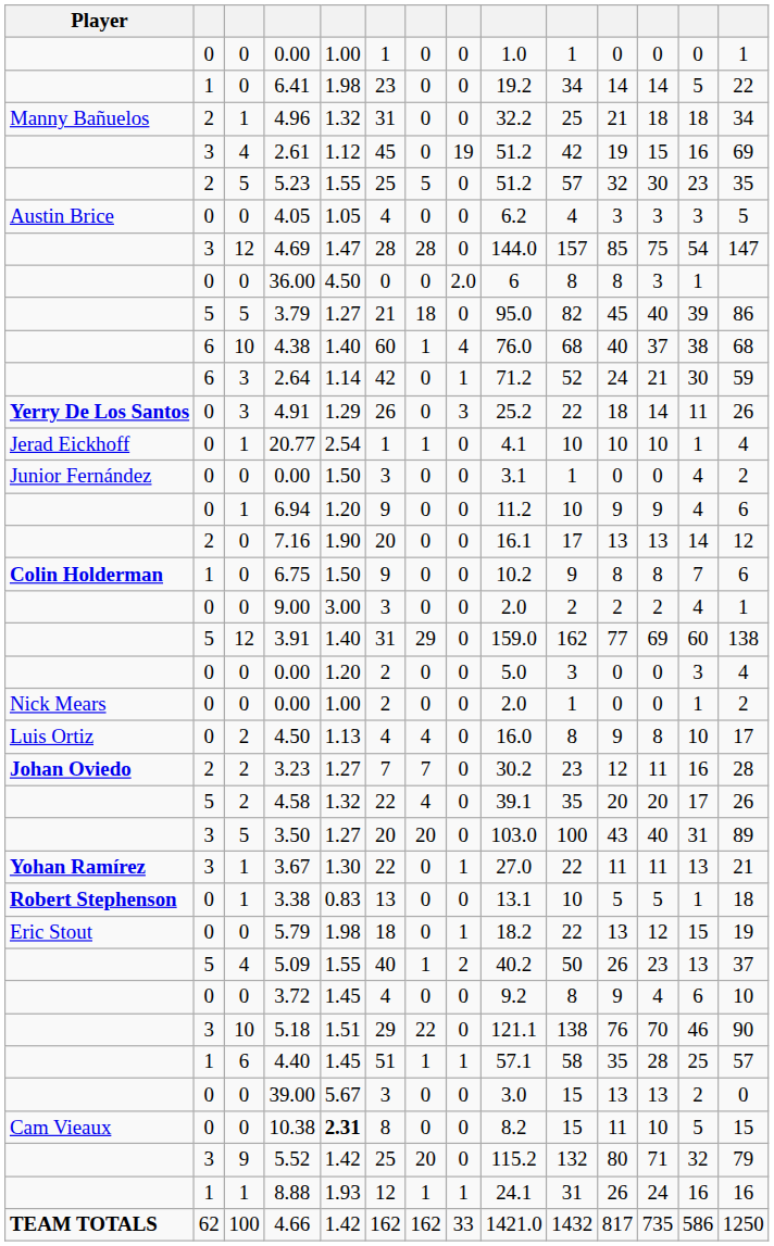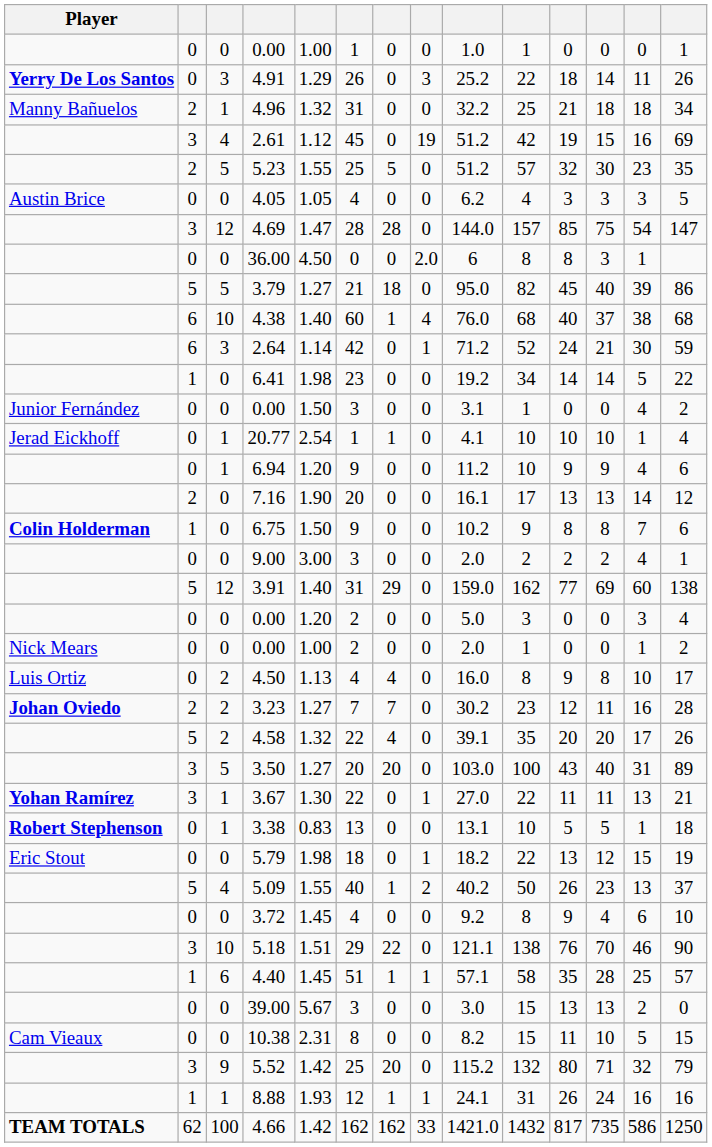 <table class="wikitable sortable" style="text-align:center;">
 <tr>
 <th>Player</th>
 <th></th>
 <th></th>
 <th></th>
 <th></th>
 <th></th>
 <th></th>
 <th></th>
 <th></th>
 <th></th>
 <th></th>
 <th></th>
 <th></th>
 <th></th>
 </tr>
 <tr>
 <td align=left></td>
 <td>0</td>
 <td>0</td>
 <td>0.00</td>
 <td>1.00</td>
 <td>1</td>
 <td>0</td>
 <td>0</td>
 <td>1.0</td>
 <td>1</td>
 <td>0</td>
 <td>0</td>
 <td>0</td>
 <td>1</td>
 </tr>
 <tr>
-<td align=left><strong></strong></td>
-<td>1</td>
+<td align=left><strong><a href='#'>Yerry De Los Santos</a></strong></td>
 <td>0</td>
-<td>6.41</td>
-<td>1.98</td>
-<td>23</td>
+<td>3</td>
+<td>4.91</td>
+<td>1.29</td>
+<td>26</td>
 <td>0</td>
-<td>0</td>
-<td>19.2</td>
-<td>34</td>
+<td>3</td>
+<td>25.2</td>
+<td>22</td>
+<td>18</td>
 <td>14</td>
-<td>14</td>
-<td>5</td>
-<td>22</td>
+<td>11</td>
+<td>26</td>
 </tr>
 <tr>
 <td align=left><a href='#'>Manny Bañuelos</a></td>
 <td>2</td>
 <td>1</td>
 <td>4.96</td>
 <td>1.32</td>
 <td>31</td>
 <td>0</td>
 <td>0</td>
 <td>32.2</td>
 <td>25</td>
 <td>21</td>
 <td>18</td>
 <td>18</td>
 <td>34</td>
 </tr>
 <tr>
 <td align=left><strong></strong></td>
 <td>3</td>
 <td>4</td>
 <td>2.61</td>
 <td>1.12</td>
 <td>45</td>
 <td>0</td>
 <td>19</td>
 <td>51.2</td>
 <td>42</td>
 <td>19</td>
 <td>15</td>
 <td>16</td>
 <td>69</td>
 </tr>
 <tr>
 <td align=left><strong></strong></td>
 <td>2</td>
 <td>5</td>
 <td>5.23</td>
 <td>1.55</td>
 <td>25</td>
 <td>5</td>
 <td>0</td>
 <td>51.2</td>
 <td>57</td>
 <td>32</td>
 <td>30</td>
 <td>23</td>
 <td>35</td>
 </tr>
 <tr>
 <td align=left><a href='#'>Austin Brice</a></td>
 <td>0</td>
 <td>0</td>
 <td>4.05</td>
 <td>1.05</td>
 <td>4</td>
 <td>0</td>
 <td>0</td>
 <td>6.2</td>
 <td>4</td>
 <td>3</td>
 <td>3</td>
 <td>3</td>
 <td>5</td>
 </tr>
 <tr>
 <td align=left><strong></strong></td>
 <td>3</td>
 <td>12</td>
 <td>4.69</td>
 <td>1.47</td>
 <td>28</td>
 <td>28</td>
 <td>0</td>
 <td>144.0</td>
 <td>157</td>
 <td>85</td>
 <td>75</td>
 <td>54</td>
 <td>147</td>
 </tr>
 <tr>
 <td align=left><strong></strong></td>
 <td>0</td>
 <td>0</td>
 <td>36.00</td>
 <td>4.50</td>
 <td 2>0</td>
 <td>0</td>
 <td>2.0</td>
 <td>6</td>
 <td>8</td>
 <td>8</td>
 <td>3</td>
 <td>1</td>
 </tr>
 <tr>
 <td align=left><strong></strong></td>
 <td>5</td>
 <td>5</td>
 <td>3.79</td>
 <td>1.27</td>
 <td>21</td>
 <td>18</td>
 <td>0</td>
 <td>95.0</td>
 <td>82</td>
 <td>45</td>
 <td>40</td>
 <td>39</td>
 <td>86</td>
 </tr>
 <tr>
 <td align=left><strong></strong></td>
 <td>6</td>
 <td>10</td>
 <td>4.38</td>
 <td>1.40</td>
 <td>60</td>
 <td>1</td>
 <td>4</td>
 <td>76.0</td>
 <td>68</td>
 <td>40</td>
 <td>37</td>
 <td>38</td>
 <td>68</td>
 </tr>
 <tr>
 <td align=left><strong></strong></td>
 <td>6</td>
 <td>3</td>
 <td>2.64</td>
 <td>1.14</td>
 <td>42</td>
 <td>0</td>
 <td>1</td>
 <td>71.2</td>
 <td>52</td>
 <td>24</td>
 <td>21</td>
 <td>30</td>
 <td>59</td>
 </tr>
 <tr>
-<td align=left><strong><a href='#'>Yerry De Los Santos</a></strong></td>
+<td align=left><strong></strong></td>
+<td>1</td>
 <td>0</td>
+<td>6.41</td>
+<td>1.98</td>
+<td>23</td>
+<td>0</td>
+<td>0</td>
+<td>19.2</td>
+<td>34</td>
+<td>14</td>
+<td>14</td>
+<td>5</td>
+<td>22</td>
+</tr>
+<tr>
+<td align=left><a href='#'>Junior Fernández</a></td>
+<td>0</td>
+<td>0</td>
+<td>0.00</td>
+<td>1.50</td>
 <td>3</td>
-<td>4.91</td>
-<td>1.29</td>
-<td>26</td>
 <td>0</td>
-<td>3</td>
-<td>25.2</td>
-<td>22</td>
-<td>18</td>
-<td>14</td>
-<td>11</td>
-<td>26</td>
+<td>0</td>
+<td>3.1</td>
+<td>1</td>
+<td>0</td>
+<td>0</td>
+<td>4</td>
+<td>2</td>
 </tr>
 <tr>
 <td align=left><a href='#'>Jerad Eickhoff</a></td>
 <td>0</td>
 <td>1</td>
 <td>20.77</td>
 <td>2.54</td>
 <td>1</td>
 <td>1</td>
 <td>0</td>
 <td>4.1</td>
 <td>10</td>
 <td>10</td>
 <td>10</td>
 <td>1</td>
 <td>4</td>
-</tr>
-<tr>
-<td align=left><a href='#'>Junior Fernández</a></td>
-<td>0</td>
-<td>0</td>
-<td>0.00</td>
-<td>1.50</td>
-<td>3</td>
-<td>0</td>
-<td>0</td>
-<td>3.1</td>
-<td>1</td>
-<td>0</td>
-<td>0</td>
-<td>4</td>
-<td>2</td>
 </tr>
 <tr>
 <td align=left></td>
 <td>0</td>
 <td>1</td>
 <td>6.94</td>
 <td>1.20</td>
 <td>9</td>
 <td>0</td>
 <td>0</td>
 <td>11.2</td>
 <td>10</td>
 <td>9</td>
 <td>9</td>
 <td>4</td>
 <td>6</td>
 </tr>
 <tr>
 <td align=left></td>
 <td>2</td>
 <td>0</td>
 <td>7.16</td>
 <td>1.90</td>
 <td>20</td>
 <td>0</td>
 <td>0</td>
 <td>16.1</td>
 <td>17</td>
 <td>13</td>
 <td>13</td>
 <td>14</td>
 <td>12</td>
 </tr>
 <tr>
 <td align=left><strong><a href='#'>Colin Holderman</a></strong></td>
 <td>1</td>
 <td>0</td>
 <td>6.75</td>
 <td>1.50</td>
 <td>9</td>
 <td>0</td>
 <td>0</td>
 <td>10.2</td>
 <td>9</td>
 <td>8</td>
 <td>8</td>
 <td>7</td>
 <td>6</td>
 </tr>
 <tr>
 <td align=left></td>
 <td>0</td>
 <td>0</td>
 <td>9.00</td>
 <td>3.00</td>
 <td>3</td>
 <td>0</td>
 <td>0</td>
 <td>2.0</td>
 <td>2</td>
 <td>2</td>
 <td>2</td>
 <td>4</td>
 <td>1</td>
 </tr>
 <tr>
 <td align=left><strong></strong></td>
 <td>5</td>
 <td>12</td>
 <td>3.91</td>
 <td>1.40</td>
 <td>31</td>
 <td>29</td>
 <td>0</td>
 <td>159.0</td>
 <td>162</td>
 <td>77</td>
 <td>69</td>
 <td>60</td>
 <td>138</td>
 </tr>
 <tr>
 <td align=left></td>
 <td>0</td>
 <td>0</td>
 <td>0.00</td>
 <td>1.20</td>
 <td>2</td>
 <td>0</td>
 <td>0</td>
 <td>5.0</td>
 <td>3</td>
 <td>0</td>
 <td>0</td>
 <td>3</td>
 <td>4</td>
 </tr>
 <tr>
 <td align=left><a href='#'>Nick Mears</a></td>
 <td>0</td>
 <td>0</td>
 <td>0.00</td>
 <td>1.00</td>
 <td>2</td>
 <td>0</td>
 <td>0</td>
 <td>2.0</td>
 <td>1</td>
 <td>0</td>
 <td>0</td>
 <td>1</td>
 <td>2</td>
 </tr>
 <tr>
 <td align=left><a href='#'>Luis Ortiz</a></td>
 <td>0</td>
 <td>2</td>
 <td>4.50</td>
 <td>1.13</td>
 <td>4</td>
 <td>4</td>
 <td>0</td>
 <td>16.0</td>
 <td>8</td>
 <td>9</td>
 <td>8</td>
 <td>10</td>
 <td>17</td>
 </tr>
 <tr>
 <td align=left><strong><a href='#'>Johan Oviedo</a></strong></td>
 <td>2</td>
 <td>2</td>
 <td>3.23</td>
 <td>1.27</td>
 <td>7</td>
 <td>7</td>
 <td>0</td>
 <td>30.2</td>
 <td>23</td>
 <td>12</td>
 <td>11</td>
 <td>16</td>
 <td>28</td>
 </tr>
 <tr>
 <td align=left><strong></strong></td>
 <td>5</td>
 <td>2</td>
 <td>4.58</td>
 <td>1.32</td>
 <td>22</td>
 <td>4</td>
 <td>0</td>
 <td>39.1</td>
 <td>35</td>
 <td>20</td>
 <td>20</td>
 <td>17</td>
 <td>26</td>
 </tr>
 <tr>
 <td align=left><strong></strong></td>
 <td>3</td>
 <td>5</td>
 <td>3.50</td>
 <td>1.27</td>
 <td>20</td>
 <td>20</td>
 <td>0</td>
 <td>103.0</td>
 <td>100</td>
 <td>43</td>
 <td>40</td>
 <td>31</td>
 <td>89</td>
 </tr>
 <tr>
 <td align=left><strong><a href='#'>Yohan Ramírez</a></strong></td>
 <td>3</td>
 <td>1</td>
 <td>3.67</td>
 <td>1.30</td>
 <td>22</td>
 <td>0</td>
 <td>1</td>
 <td>27.0</td>
 <td>22</td>
 <td>11</td>
 <td>11</td>
 <td>13</td>
 <td>21</td>
 </tr>
 <tr>
 <td align=left><strong><a href='#'>Robert Stephenson</a></strong></td>
 <td>0</td>
 <td>1</td>
 <td>3.38</td>
 <td>0.83</td>
 <td>13</td>
 <td>0</td>
 <td>0</td>
 <td>13.1</td>
 <td>10</td>
 <td>5</td>
 <td>5</td>
 <td>1</td>
 <td>18</td>
 </tr>
 <tr>
 <td align=left><a href='#'>Eric Stout</a></td>
 <td>0</td>
 <td>0</td>
 <td>5.79</td>
 <td>1.98</td>
 <td>18</td>
 <td>0</td>
 <td>1</td>
 <td>18.2</td>
 <td>22</td>
 <td>13</td>
 <td>12</td>
 <td>15</td>
 <td>19</td>
 </tr>
 <tr>
 <td align=left><strong></strong></td>
 <td>5</td>
 <td>4</td>
 <td>5.09</td>
 <td>1.55</td>
 <td>40</td>
 <td>1</td>
 <td>2</td>
 <td>40.2</td>
 <td>50</td>
 <td>26</td>
 <td>23</td>
 <td>13</td>
 <td>37</td>
 </tr>
 <tr>
 <td align=left></td>
 <td>0</td>
 <td>0</td>
 <td>3.72</td>
 <td>1.45</td>
 <td>4</td>
 <td>0</td>
 <td>0</td>
 <td>9.2</td>
 <td>8</td>
 <td>9</td>
 <td>4</td>
 <td>6</td>
 <td>10</td>
 </tr>
 <tr>
 <td align=left><strong></strong></td>
 <td>3</td>
 <td>10</td>
 <td>5.18</td>
 <td>1.51</td>
 <td>29</td>
 <td>22</td>
 <td>0</td>
 <td>121.1</td>
 <td>138</td>
 <td>76</td>
 <td>70</td>
 <td>46</td>
 <td>90</td>
 </tr>
 <tr>
 <td align=left><strong></strong></td>
 <td>1</td>
 <td>6</td>
 <td>4.40</td>
 <td>1.45</td>
 <td>51</td>
 <td>1</td>
 <td>1</td>
 <td>57.1</td>
 <td>58</td>
 <td>35</td>
 <td>28</td>
 <td>25</td>
 <td>57</td>
 </tr>
 <tr>
 <td align=left><strong></strong></td>
 <td>0</td>
 <td>0</td>
 <td>39.00</td>
 <td>5.67</td>
 <td>3</td>
 <td>0</td>
 <td>0</td>
 <td>3.0</td>
 <td>15</td>
 <td>13</td>
 <td>13</td>
 <td>2</td>
 <td>0</td>
 </tr>
 <tr>
 <td align=left><a href='#'>Cam Vieaux</a></td>
 <td>0</td>
 <td>0</td>
 <td>10.38</td>
-<td><strong>2.31</strong></td>
+<td>2.31</td>
 <td>8</td>
 <td>0</td>
 <td>0</td>
 <td>8.2</td>
 <td>15</td>
 <td>11</td>
 <td>10</td>
 <td>5</td>
 <td>15</td>
 </tr>
 <tr>
 <td align=left></td>
 <td>3</td>
 <td>9</td>
 <td>5.52</td>
 <td>1.42</td>
 <td>25</td>
 <td>20</td>
 <td>0</td>
 <td>115.2</td>
 <td>132</td>
 <td>80</td>
 <td>71</td>
 <td>32</td>
 <td>79</td>
 </tr>
 <tr>
 <td align=left></td>
 <td>1</td>
 <td>1</td>
 <td>8.88</td>
 <td>1.93</td>
 <td>12</td>
 <td>1</td>
 <td>1</td>
 <td>24.1</td>
 <td>31</td>
 <td>26</td>
 <td>24</td>
 <td>16</td>
 <td>16</td>
 </tr>
 <tr class="sortbottom">
 <td align="left"><strong>TEAM TOTALS</strong></td>
 <td>62</td>
 <td>100</td>
 <td>4.66</td>
 <td>1.42</td>
 <td>162</td>
 <td>162</td>
 <td>33</td>
 <td>1421.0</td>
 <td>1432</td>
 <td>817</td>
 <td>735</td>
 <td>586</td>
 <td>1250</td>
 </tr>
 </table>
